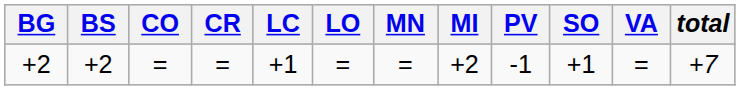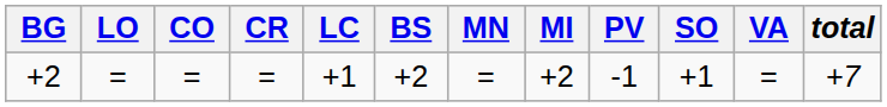 <table class="wikitable" border="1">
 <tr style="vertical-align:bottom;">
 <th> <a href='#'>BG</a> </th>
-<th> <a href='#'>BS</a> </th>
+<th> <a href='#'>LO</a> </th>
 <th> <a href='#'>CO</a> </th>
 <th> <a href='#'>CR</a> </th>
 <th> <a href='#'>LC</a> </th>
-<th> <a href='#'>LO</a> </th>
+<th> <a href='#'>BS</a> </th>
 <th> <a href='#'>MN</a> </th>
 <th> <a href='#'>MI</a> </th>
 <th> <a href='#'>PV</a> </th>
 <th> <a href='#'>SO</a> </th>
 <th> <a href='#'>VA</a> </th>
 <th><em>total</em></th>
 </tr>
 <tr style="text-align:center;">
 <td>+2</td>
-<td>+2</td>
+<td>=</td>
 <td>=</td>
 <td>=</td>
 <td>+1</td>
-<td>=</td>
+<td>+2</td>
 <td>=</td>
 <td>+2</td>
 <td>-1</td>
 <td>+1</td>
 <td>=</td>
 <td><em>+7</em></td>
 </tr>
 </table>
